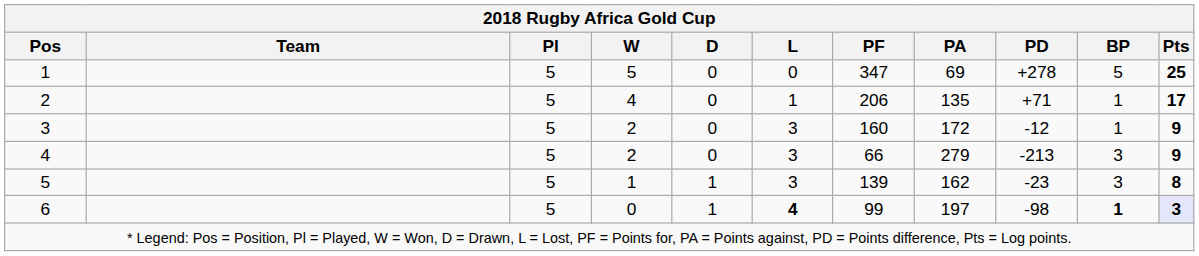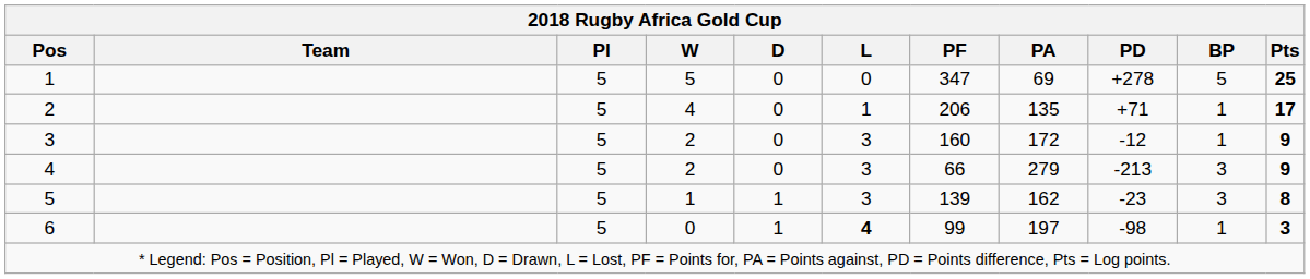 <table class="wikitable" style="text-align:center; font-size:90%; width:50%;">
 <tr>
 <th colspan="100" cellpadding="0" cellspacing="0"><strong>2018 Rugby Africa Gold Cup</strong></th>
 </tr>
 <tr>
 <th style="width:7%;">Pos</th>
 <th style="width:37%;">Team</th>
 <th style="width:7%;">Pl</th>
 <th style="width:7%;">W</th>
 <th style="width:7%;">D</th>
 <th style="width:7%;">L</th>
 <th style="width:7%;">PF</th>
 <th style="width:7%;">PA</th>
 <th style="width:7%;">PD</th>
 <th style="width:7%;">BP</th>
 <th style="width:7%;">Pts<br></th>
 </tr>
 <tr>
 <td>1</td>
 <td align=left></td>
 <td>5</td>
 <td>5</td>
 <td>0</td>
 <td>0</td>
 <td>347</td>
 <td>69</td>
 <td>+278</td>
 <td>5</td>
 <td><strong>25</strong></td>
 </tr>
 <tr>
 <td>2</td>
 <td align=left></td>
 <td>5</td>
 <td>4</td>
 <td>0</td>
 <td>1</td>
 <td>206</td>
 <td>135</td>
 <td>+71</td>
 <td>1</td>
 <td><strong>17</strong></td>
 </tr>
 <tr>
 <td>3</td>
 <td align=left></td>
 <td>5</td>
 <td>2</td>
 <td>0</td>
 <td>3</td>
 <td>160</td>
 <td>172</td>
 <td>-12</td>
 <td>1</td>
 <td><strong>9</strong></td>
 </tr>
 <tr>
 <td>4</td>
 <td align=left></td>
 <td>5</td>
 <td>2</td>
 <td>0</td>
 <td>3</td>
 <td>66</td>
 <td>279</td>
 <td>-213</td>
 <td>3</td>
 <td><strong>9</strong></td>
 </tr>
 <tr>
 <td>5</td>
 <td align=left></td>
 <td>5</td>
 <td>1</td>
 <td>1</td>
 <td>3</td>
 <td>139</td>
 <td>162</td>
 <td>-23</td>
 <td>3</td>
 <td><strong>8</strong></td>
 </tr>
 <tr>
 <td>6</td>
 <td align=left></td>
 <td>5</td>
 <td>0</td>
 <td>1</td>
 <td><strong>4</strong></td>
 <td>99</td>
 <td>197</td>
 <td>-98</td>
-<td><strong>1</strong></td>
-<td style="background: lavender;"><strong>3</strong></td>
+<td>1</td>
+<td><strong>3</strong></td>
 </tr>
 <tr>
 <td style="border:0px" colspan="100"><small>* Legend: Pos = Position, Pl = Played, W = Won, D = Drawn, L = Lost, PF = Points for, PA = Points against, PD = Points difference, Pts = Log points.</small></td>
 </tr>
 </table>
